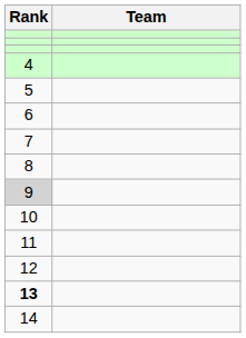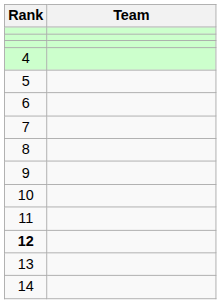 <table class="wikitable" style="text-align: center;">
 <tr>
 <th width=40>Rank</th>
 <th width=180>Team</th>
 </tr>
 <tr bgcolor=#CCFFCC>
 <td></td>
 <td align="left"></td>
 </tr>
 <tr bgcolor=#CCFFCC>
 <td></td>
 <td align="left"></td>
 </tr>
 <tr bgcolor=#CCFFCC>
 <td></td>
 <td align="left"></td>
 </tr>
 <tr bgcolor=#CCFFCC>
 <td>4</td>
 <td align="left"></td>
 </tr>
 <tr>
 <td>5</td>
 <td align="left"></td>
 </tr>
 <tr>
 <td>6</td>
 <td align="left"></td>
 </tr>
 <tr>
 <td>7</td>
 <td align="left"></td>
 </tr>
 <tr>
 <td>8</td>
 <td align="left"></td>
 </tr>
 <tr>
-<td style="background: lightgrey;">9</td>
+<td>9</td>
 <td align="left"></td>
 </tr>
 <tr>
 <td>10</td>
 <td align="left"></td>
 </tr>
 <tr>
 <td>11</td>
 <td align="left"></td>
 </tr>
 <tr>
-<td>12</td>
+<td><strong>12</strong></td>
 <td align="left"></td>
 </tr>
 <tr>
-<td><strong>13</strong></td>
+<td>13</td>
 <td align="left"></td>
 </tr>
 <tr>
 <td>14</td>
 <td align="left"></td>
 </tr>
 </table>
